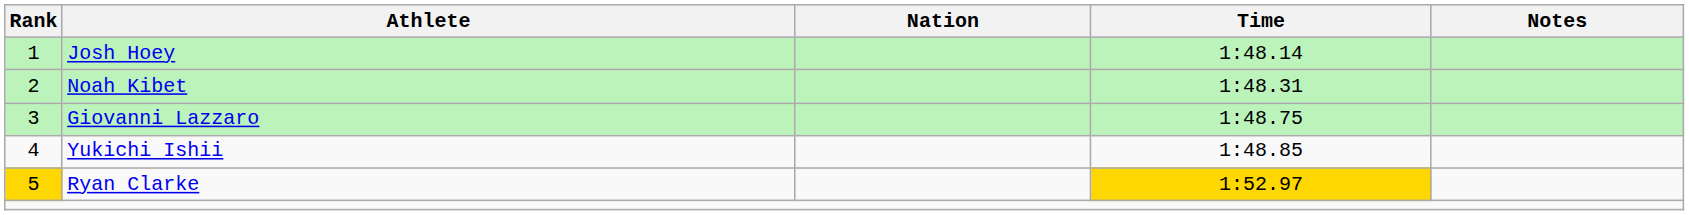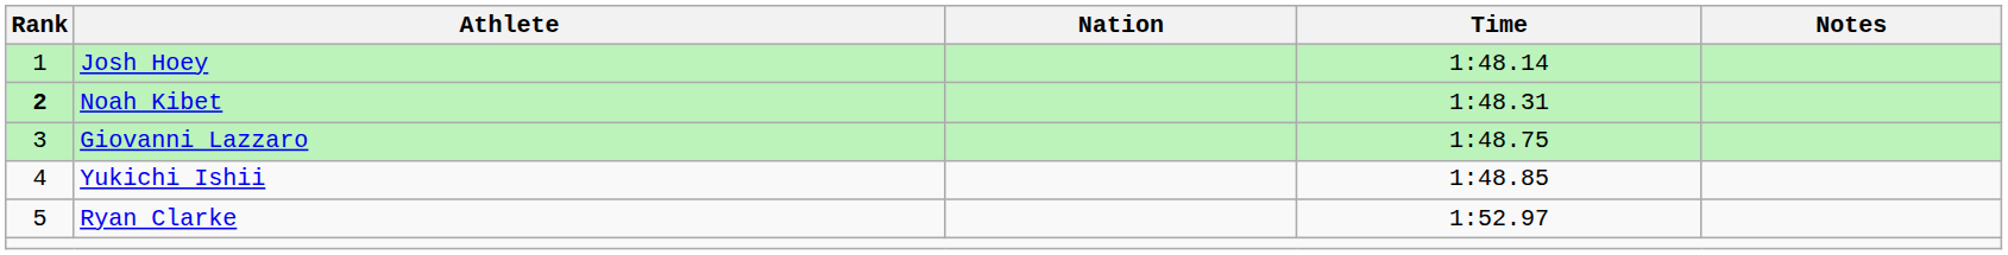 <table class="wikitable sortable" style="text-align:center;width: 55%;">
 <tr>
 <th scope="col" style="width: 10px;">Rank</th>
 <th scope="col">Athlete</th>
 <th scope="col">Nation</th>
 <th scope="col">Time</th>
 <th scope="col">Notes</th>
 </tr>
 <tr bgcolor=bbf3bb>
 <td>1</td>
 <td align=left><a href='#'>Josh Hoey</a></td>
 <td align=left></td>
 <td>1:48.14</td>
 <td></td>
 </tr>
 <tr bgcolor=bbf3bb>
-<td>2</td>
+<td><strong>2</strong></td>
 <td align=left><a href='#'>Noah Kibet</a></td>
 <td align=left></td>
 <td>1:48.31</td>
 <td></td>
 </tr>
 <tr bgcolor=bbf3bb>
 <td>3</td>
 <td align=left><a href='#'>Giovanni Lazzaro</a></td>
 <td align=left></td>
 <td>1:48.75</td>
 <td></td>
 </tr>
 <tr>
 <td>4</td>
 <td align=left><a href='#'>Yukichi Ishii</a></td>
 <td align=left></td>
 <td>1:48.85</td>
 <td></td>
 </tr>
 <tr>
-<td style="background: gold;">5</td>
+<td>5</td>
 <td align=left><a href='#'>Ryan Clarke</a></td>
 <td align=left></td>
-<td style="background: gold;">1:52.97</td>
+<td>1:52.97</td>
 <td></td>
 </tr>
 <tr class="sortbottom">
 <td colspan="5"></td>
 </tr>
 </table>
